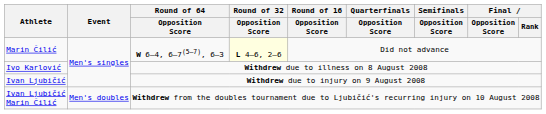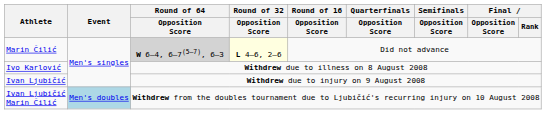 <table class=wikitable style="font-size:90%">
 <tr>
 <th rowspan="2">Athlete</th>
 <th rowspan="2">Event</th>
 <th>Round of 64</th>
 <th>Round of 32</th>
 <th>Round of 16</th>
 <th>Quarterfinals</th>
 <th>Semifinals</th>
 <th colspan=2>Final / </th>
 </tr>
 <tr style="font-size:95%">
 <th>Opposition<br>Score</th>
 <th>Opposition<br>Score</th>
 <th>Opposition<br>Score</th>
 <th>Opposition<br>Score</th>
 <th>Opposition<br>Score</th>
 <th>Opposition<br>Score</th>
 <th>Rank</th>
 </tr>
 <tr align=center>
 <td align=left><a href='#'>Marin Čilić</a></td>
 <td align=left rowspan=3><a href='#'>Men's singles</a></td>
-<td><br><strong>W</strong> 6–4, 6–7<sup>(5–7)</sup>, 6–3</td>
+<td style="background: lightgrey;"><br><strong>W</strong> 6–4, 6–7<sup>(5–7)</sup>, 6–3</td>
 <td style="background: lightyellow;"><br><strong>L</strong> 4–6, 2–6</td>
 <td colspan=5>Did not advance</td>
 </tr>
 <tr align=center>
 <td align=left><a href='#'>Ivo Karlović</a></td>
 <td colspan=7><strong>Withdrew</strong> due to illness on 8 August 2008</td>
 </tr>
 <tr align=center>
 <td align=left><a href='#'>Ivan Ljubičić</a></td>
 <td colspan=7><strong>Withdrew</strong> due to injury on 9 August 2008</td>
 </tr>
 <tr align=center>
 <td align=left><a href='#'>Ivan Ljubičić</a> <br><a href='#'>Marin Čilić</a></td>
-<td align=left><a href='#'>Men's doubles</a></td>
+<td align=left style="background: lightblue;"><a href='#'>Men's doubles</a></td>
 <td colspan=7><strong>Withdrew</strong> from the doubles tournament due to Ljubičić's recurring injury on 10 August 2008</td>
 </tr>
 </table>
